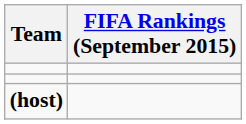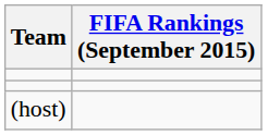 <table class="wikitable sortable" style="text-align: left;">
 <tr>
 <th>Team</th>
 <th><a href='#'>FIFA Rankings</a><br>(September 2015)</th>
 </tr>
 <tr>
 <td></td>
 <td></td>
 </tr>
 <tr>
 <td></td>
 <td></td>
 </tr>
 <tr>
-<td><strong> (host)</strong></td>
+<td> (host)</td>
 <td></td>
 </tr>
 </table>
